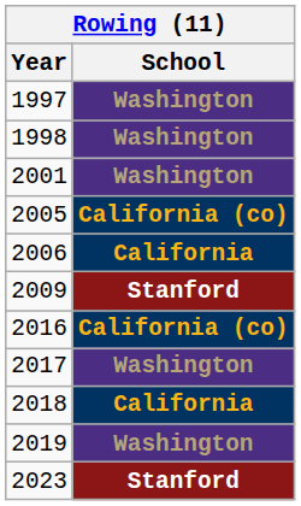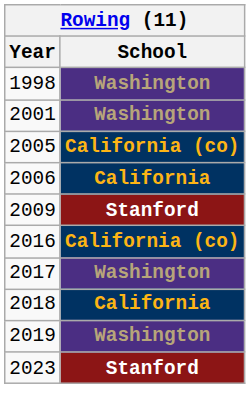 <table class="wikitable">
 <tr>
 <th colspan=2><a href='#'>Rowing</a> (11)</th>
 </tr>
 <tr>
 <th>Year</th>
 <th>School</th>
-</tr>
-<tr>
-<td>1997</td>
-<th style="background:#4B2E83; color:#B7A57A;">Washington</th>
 </tr>
 <tr>
 <td>1998</td>
 <th style="background:#4B2E83; color:#B7A57A;">Washington</th>
 </tr>
 <tr>
 <td>2001</td>
 <th style="background:#4B2E83; color:#B7A57A;">Washington</th>
 </tr>
 <tr>
 <td>2005</td>
 <th style="background:#003262; color:#FDB515;">California (co)</th>
 </tr>
 <tr>
 <td>2006</td>
 <th style="background:#003262; color:#FDB515;">California</th>
 </tr>
 <tr>
 <td>2009</td>
 <th style="background:#8C1515; color:#FFFFFF;">Stanford</th>
 </tr>
 <tr>
 <td>2016</td>
 <th style="background:#003262; color:#FDB515;">California (co)</th>
 </tr>
 <tr>
 <td>2017</td>
 <th style="background:#4B2E83; color:#B7A57A;">Washington</th>
 </tr>
 <tr>
 <td>2018</td>
 <th style="background:#003262; color:#FDB515;">California</th>
 </tr>
 <tr>
 <td>2019</td>
 <th style="background:#4B2E83; color:#B7A57A;">Washington</th>
 </tr>
 <tr>
 <td>2023</td>
 <th style="background:#8C1515; color:#FFFFFF;">Stanford</th>
 </tr>
 </table>
